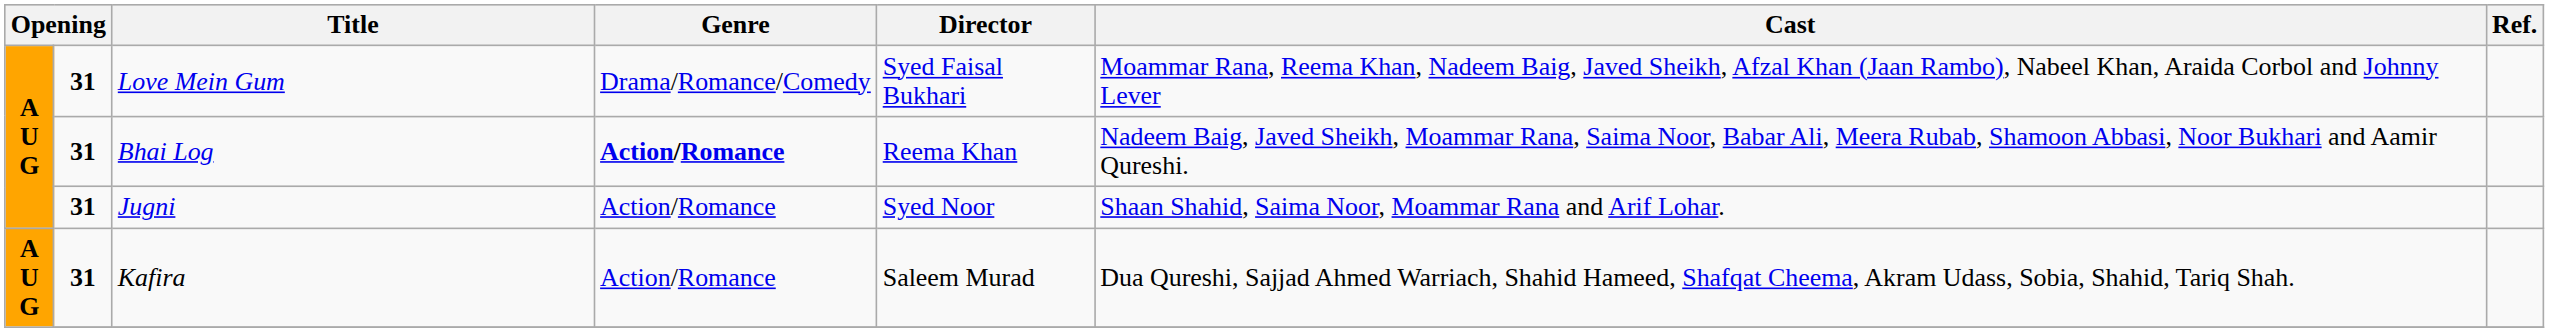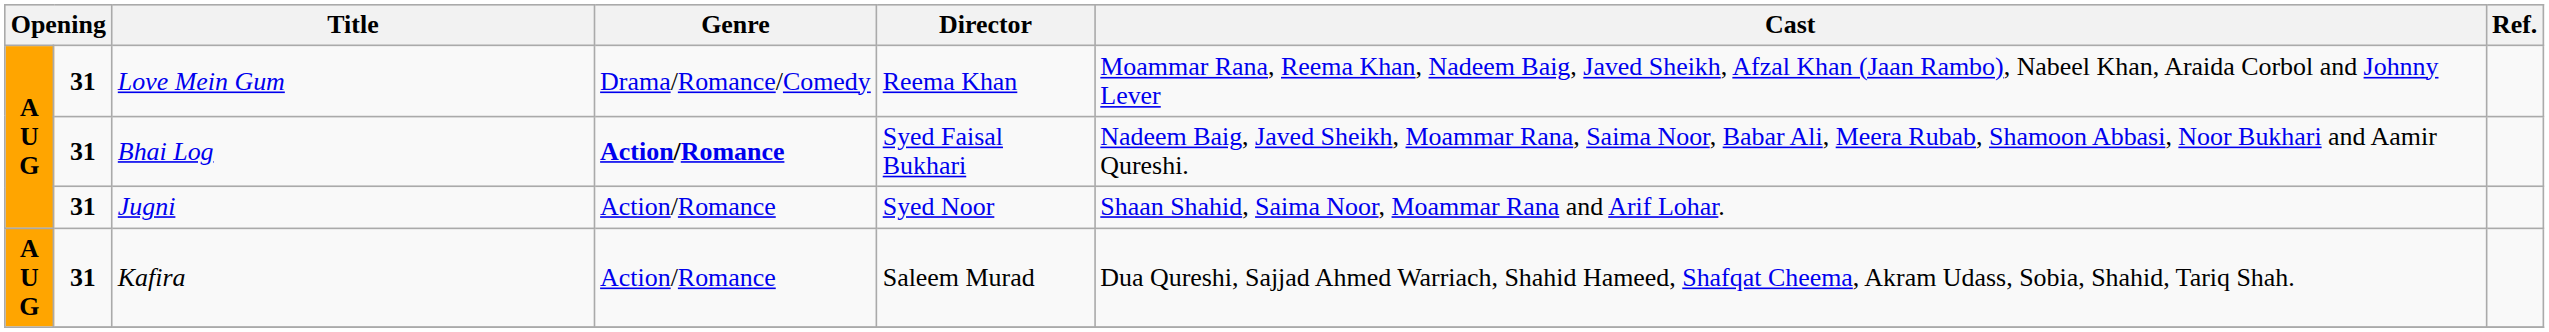 <table class="wikitable">
 <tr style="background:#b0e0e66; text-align:center;">
 <th colspan="2"><strong>Opening</strong></th>
 <th style="width:19%;"><strong>Title</strong></th>
 <th><strong>Genre</strong></th>
 <th><strong>Director</strong></th>
 <th><strong>Cast</strong></th>
 <th><strong>Ref.</strong></th>
 </tr>
 <tr>
 <td rowspan="3" style="text-align:center; background:orange;"><strong>A<br>U<br>G</strong></td>
 <td rowspan="1" style="text-align:center; textcolor:#000;"><strong>31</strong></td>
 <td><em><a href='#'>Love Mein Gum</a></em></td>
 <td><a href='#'>Drama</a>/<a href='#'>Romance</a>/<a href='#'>Comedy</a></td>
-<td><a href='#'>Syed Faisal Bukhari</a></td>
+<td><a href='#'>Reema Khan</a></td>
 <td><a href='#'>Moammar Rana</a>, <a href='#'>Reema Khan</a>, <a href='#'>Nadeem Baig</a>, <a href='#'>Javed Sheikh</a>, <a href='#'>Afzal Khan (Jaan Rambo)</a>, Nabeel Khan, Araida Corbol and <a href='#'>Johnny Lever</a></td>
 <td></td>
 </tr>
 <tr>
 <td rowspan="1" style="text-align:center; textcolor:#000;"><strong>31</strong></td>
 <td><em><a href='#'>Bhai Log</a></em></td>
 <td><strong><a href='#'>Action</a>/<a href='#'>Romance</a></strong></td>
-<td><a href='#'>Reema Khan</a></td>
+<td><a href='#'>Syed Faisal Bukhari</a></td>
 <td><a href='#'>Nadeem Baig</a>, <a href='#'>Javed Sheikh</a>, <a href='#'>Moammar Rana</a>, <a href='#'>Saima Noor</a>, <a href='#'>Babar Ali</a>, <a href='#'>Meera Rubab</a>, <a href='#'>Shamoon Abbasi</a>, <a href='#'>Noor Bukhari</a> and Aamir Qureshi.</td>
 <td></td>
 </tr>
 <tr>
 <td rowspan="1" style="text-align:center; textcolor:#000;"><strong>31</strong></td>
 <td><em><a href='#'>Jugni</a></em></td>
 <td><a href='#'>Action</a>/<a href='#'>Romance</a></td>
 <td><a href='#'>Syed Noor</a></td>
 <td><a href='#'>Shaan Shahid</a>, <a href='#'>Saima Noor</a>, <a href='#'>Moammar Rana</a> and <a href='#'>Arif Lohar</a>.</td>
 <td></td>
 </tr>
 <tr>
 <td rowspan="3" style="text-align:center; background:orange;"><strong>A<br>U<br>G</strong></td>
 <td rowspan="1" style="text-align:center; textcolor:#000;"><strong>31</strong></td>
 <td><em>Kafira</em></td>
 <td><a href='#'>Action</a>/<a href='#'>Romance</a></td>
 <td>Saleem Murad</td>
 <td>Dua Qureshi, Sajjad Ahmed Warriach, Shahid Hameed, <a href='#'>Shafqat Cheema</a>, Akram Udass, Sobia, Shahid, Tariq Shah.</td>
 <td></td>
 </tr>
 <tr>
 </tr>
 </table>
